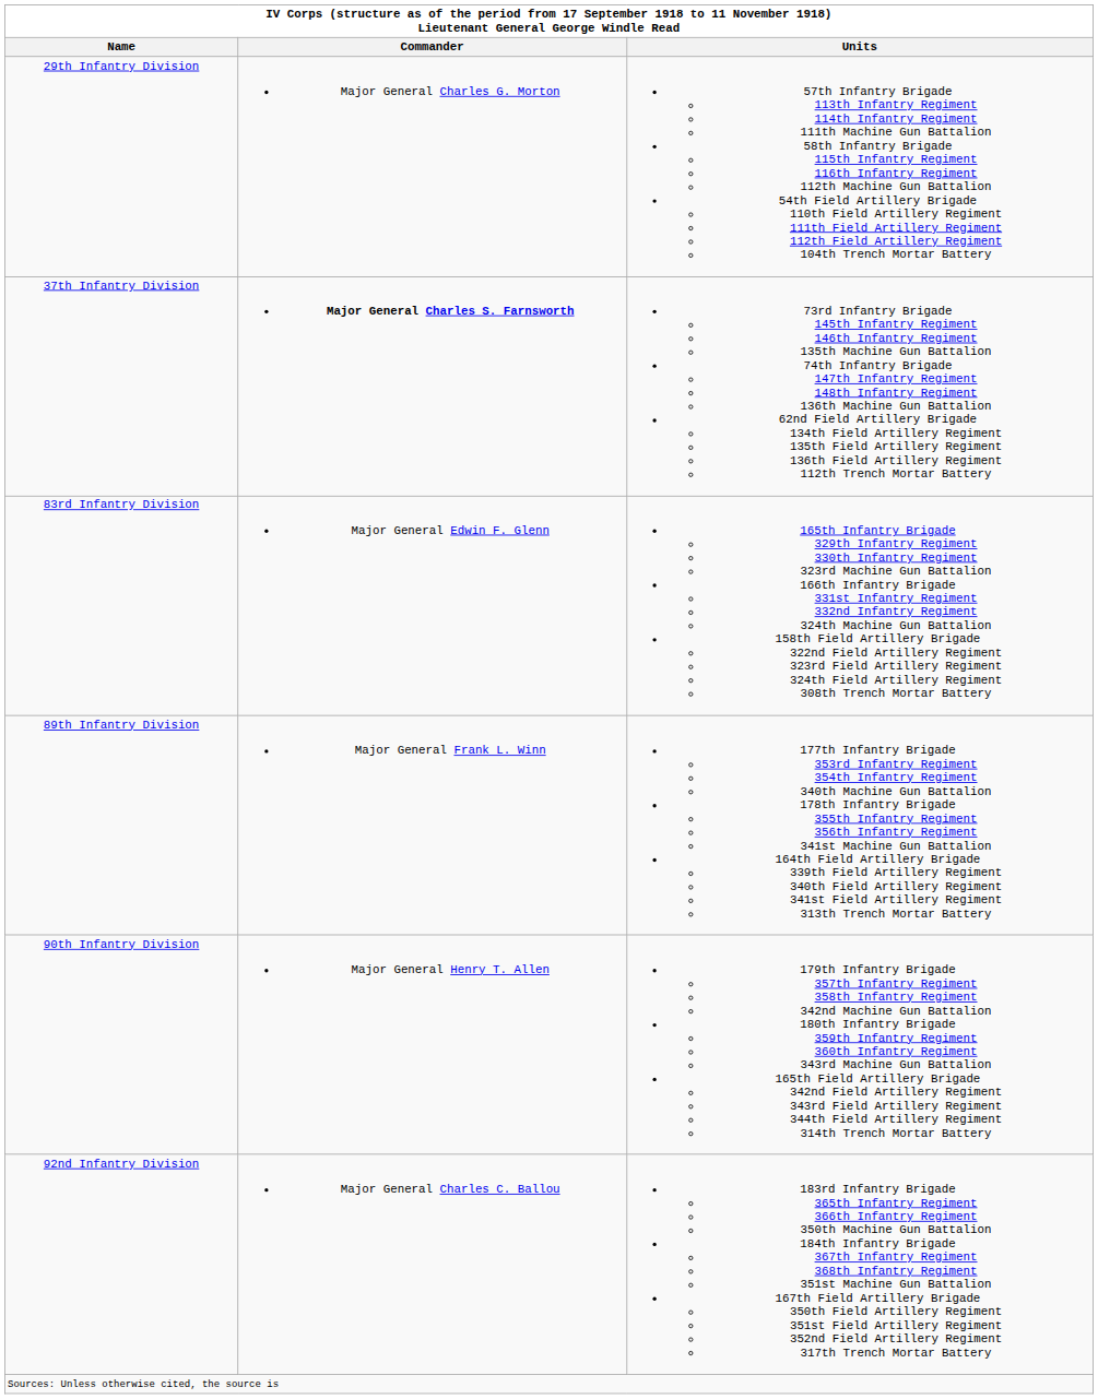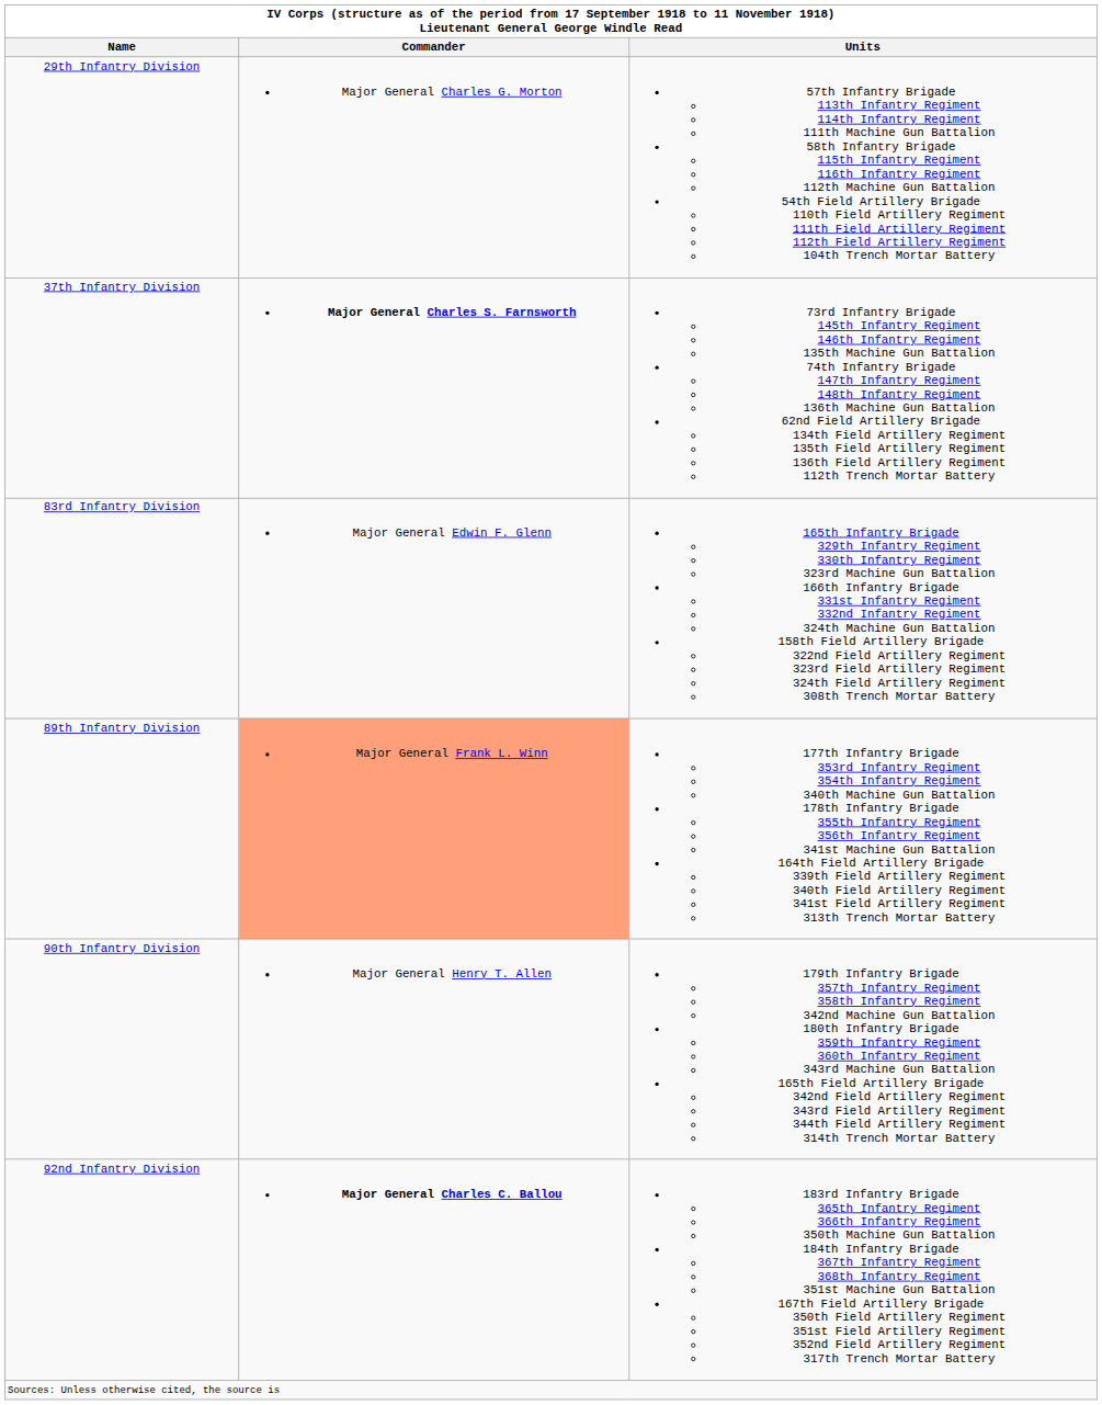 <table class="wikitable" style="width:95%;">
 <tr valign="top">
 <th colspan="11" style="background:white;">IV Corps (structure as of the period from 17 September 1918 to 11 November 1918)<br>Lieutenant General George Windle Read</th>
 </tr>
 <tr valign="top"|- valign="top">
 <th style="width:15%; text-align:center;">Name</th>
 <th style="width:25%; text-align:center;">Commander</th>
 <th style="width:30%; text-align:center;">Units</th>
 </tr>
 <tr valign="top">
 <td align=center><a href='#'>29th Infantry Division</a></td>
 <td align=center><br><ul><li>Major General <a href='#'>Charles G. Morton</a></li></ul></td>
 <td align=center><br><ul><li>57th Infantry Brigade<ul><li><a href='#'>113th Infantry Regiment</a></li><li><a href='#'>114th Infantry Regiment</a></li><li>111th Machine Gun Battalion</li></ul></li><li>58th Infantry Brigade<ul><li><a href='#'>115th Infantry Regiment</a></li><li><a href='#'>116th Infantry Regiment</a></li><li>112th Machine Gun Battalion</li></ul></li><li>54th Field Artillery Brigade<ul><li>110th Field Artillery Regiment</li><li><a href='#'>111th Field Artillery Regiment</a></li><li><a href='#'>112th Field Artillery Regiment</a></li><li>104th Trench Mortar Battery</li></ul></li></ul></td>
 </tr>
 <tr valign="top">
 <td align=center><a href='#'>37th Infantry Division</a></td>
 <td align=center><strong><br><ul><li>Major General <a href='#'>Charles S. Farnsworth</a></li></ul></strong></td>
 <td align=center><br><ul><li>73rd Infantry Brigade<ul><li><a href='#'>145th Infantry Regiment</a></li><li><a href='#'>146th Infantry Regiment</a></li><li>135th Machine Gun Battalion</li></ul></li><li>74th Infantry Brigade<ul><li><a href='#'>147th Infantry Regiment</a></li><li><a href='#'>148th Infantry Regiment</a></li><li>136th Machine Gun Battalion</li></ul></li><li>62nd Field Artillery Brigade<ul><li>134th Field Artillery Regiment</li><li>135th Field Artillery Regiment</li><li>136th Field Artillery Regiment</li><li>112th Trench Mortar Battery</li></ul></li></ul></td>
 </tr>
 <tr valign="top">
 <td align=center><a href='#'>83rd Infantry Division</a></td>
 <td align=center><br><ul><li>Major General <a href='#'>Edwin F. Glenn</a></li></ul></td>
 <td align=center><br><ul><li><a href='#'>165th Infantry Brigade</a><ul><li><a href='#'>329th Infantry Regiment</a></li><li><a href='#'>330th Infantry Regiment</a></li><li>323rd Machine Gun Battalion</li></ul></li><li>166th Infantry Brigade<ul><li><a href='#'>331st Infantry Regiment</a></li><li><a href='#'>332nd Infantry Regiment</a></li><li>324th Machine Gun Battalion</li></ul></li><li>158th Field Artillery Brigade<ul><li>322nd Field Artillery Regiment</li><li>323rd Field Artillery Regiment</li><li>324th Field Artillery Regiment</li><li>308th Trench Mortar Battery</li></ul></li></ul></td>
 </tr>
 <tr valign="top">
 <td align=center><a href='#'>89th Infantry Division</a></td>
-<td align=center><br><ul><li>Major General <a href='#'>Frank L. Winn</a></li></ul></td>
+<td align=center style="background: lightsalmon;"><br><ul><li>Major General <a href='#'>Frank L. Winn</a></li></ul></td>
 <td align=center><br><ul><li>177th Infantry Brigade<ul><li><a href='#'>353rd Infantry Regiment</a></li><li><a href='#'>354th Infantry Regiment</a></li><li>340th Machine Gun Battalion</li></ul></li><li>178th Infantry Brigade<ul><li><a href='#'>355th Infantry Regiment</a></li><li><a href='#'>356th Infantry Regiment</a></li><li>341st Machine Gun Battalion</li></ul></li><li>164th Field Artillery Brigade<ul><li>339th Field Artillery Regiment</li><li>340th Field Artillery Regiment</li><li>341st Field Artillery Regiment</li><li>313th Trench Mortar Battery</li></ul></li></ul></td>
 </tr>
 <tr valign="top">
 <td align=center><a href='#'>90th Infantry Division</a></td>
 <td align=center><br><ul><li>Major General <a href='#'>Henry T. Allen</a></li></ul></td>
 <td align=center><br><ul><li>179th Infantry Brigade<ul><li><a href='#'>357th Infantry Regiment</a></li><li><a href='#'>358th Infantry Regiment</a></li><li>342nd Machine Gun Battalion</li></ul></li><li>180th Infantry Brigade<ul><li><a href='#'>359th Infantry Regiment</a></li><li><a href='#'>360th Infantry Regiment</a></li><li>343rd Machine Gun Battalion</li></ul></li><li>165th Field Artillery Brigade<ul><li>342nd Field Artillery Regiment</li><li>343rd Field Artillery Regiment</li><li>344th Field Artillery Regiment</li><li>314th Trench Mortar Battery</li></ul></li></ul></td>
 </tr>
 <tr valign="top">
 <td align=center><a href='#'>92nd Infantry Division</a></td>
-<td align=center><br><ul><li>Major General <a href='#'>Charles C. Ballou</a></li></ul></td>
+<td align=center><strong><br><ul><li>Major General <a href='#'>Charles C. Ballou</a></li></ul></strong></td>
 <td align=center><br><ul><li>183rd Infantry Brigade<ul><li><a href='#'>365th Infantry Regiment</a></li><li><a href='#'>366th Infantry Regiment</a></li><li>350th Machine Gun Battalion</li></ul></li><li>184th Infantry Brigade<ul><li><a href='#'>367th Infantry Regiment</a></li><li><a href='#'>368th Infantry Regiment</a></li><li>351st Machine Gun Battalion</li></ul></li><li>167th Field Artillery Brigade<ul><li>350th Field Artillery Regiment</li><li>351st Field Artillery Regiment</li><li>352nd Field Artillery Regiment</li><li>317th Trench Mortar Battery</li></ul></li></ul></td>
 </tr>
 <tr valign="top">
 <td colspan="9" style="text-align:left;"><small>Sources: Unless otherwise cited, the source is </small></td>
 </tr>
 </table>
